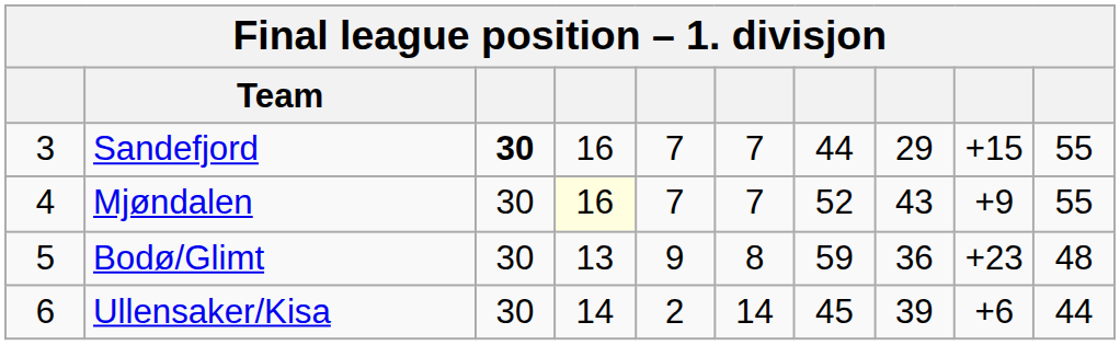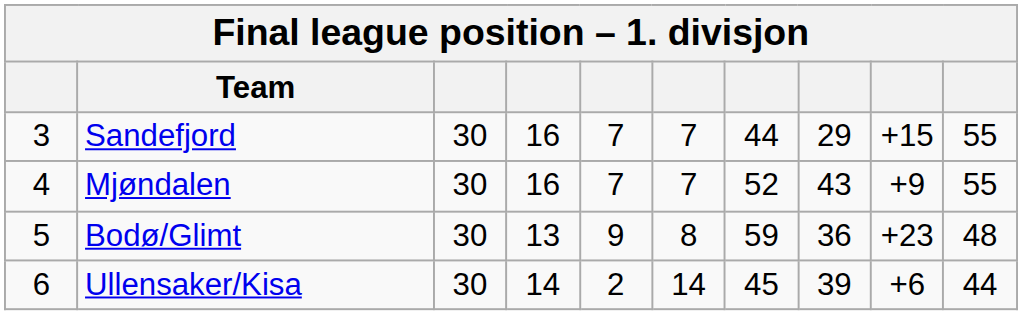 <table class="wikitable" style="text-align:center">
 <tr>
 <th colspan=10><big>Final league position – 1. divisjon</big></th>
 </tr>
 <tr>
 <th width="30"></th>
 <th width="175">Team</th>
 <th width="30"></th>
 <th width="30"></th>
 <th width="30"></th>
 <th width="30"></th>
 <th width="30"></th>
 <th width="30"></th>
 <th width="30"></th>
 <th width="30"></th>
 </tr>
 <tr>
 <td>3</td>
 <td align=left><a href='#'>Sandefjord</a></td>
-<td><strong>30</strong></td>
+<td>30</td>
 <td>16</td>
 <td>7</td>
 <td>7</td>
 <td>44</td>
 <td>29</td>
 <td>+15</td>
 <td>55</td>
 </tr>
 <tr>
 <td>4</td>
 <td align=left><a href='#'>Mjøndalen</a></td>
 <td>30</td>
-<td style="background: lightyellow;">16</td>
+<td>16</td>
 <td>7</td>
 <td>7</td>
 <td>52</td>
 <td>43</td>
 <td>+9</td>
 <td>55</td>
 </tr>
 <tr>
 <td>5</td>
 <td align=left><a href='#'>Bodø/Glimt</a></td>
 <td>30</td>
 <td>13</td>
 <td>9</td>
 <td>8</td>
 <td>59</td>
 <td>36</td>
 <td>+23</td>
 <td>48</td>
 </tr>
 <tr>
 <td>6</td>
 <td align=left><a href='#'>Ullensaker/Kisa</a></td>
 <td>30</td>
 <td>14</td>
 <td>2</td>
 <td>14</td>
 <td>45</td>
 <td>39</td>
 <td>+6</td>
 <td>44</td>
 </tr>
 </table>
